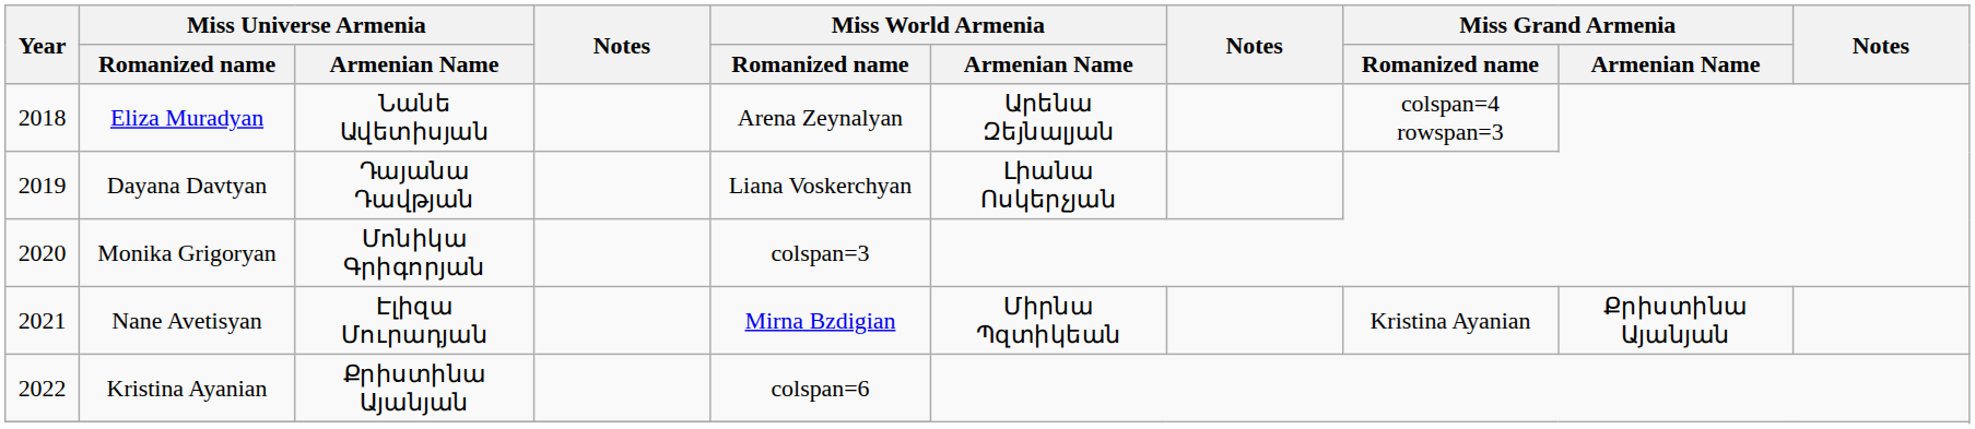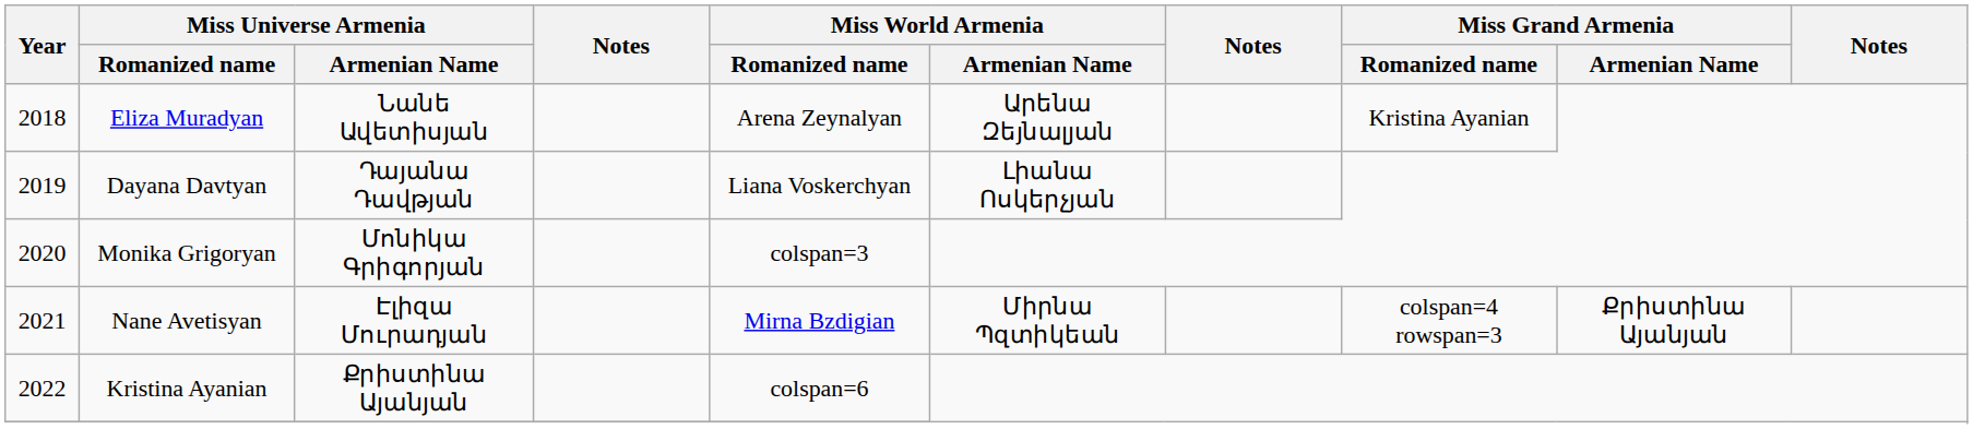 <table class="wikitable" style="font-size: 95%; text-align:center">
 <tr>
 <th width="60" rowspan="2">Year</th>
 <th width="500" colspan="2">Miss Universe Armenia</th>
 <th width="250" rowspan="2">Notes</th>
 <th width="500" colspan="2">Miss World Armenia</th>
 <th width="250" rowspan="2">Notes</th>
 <th width="500" colspan="2">Miss Grand Armenia</th>
 <th width="250" rowspan="2">Notes</th>
 </tr>
 <tr>
 <th width="250">Romanized name</th>
 <th width="250">Armenian Name</th>
 <th width="250">Romanized name</th>
 <th width="250">Armenian Name</th>
 <th width="250">Romanized name</th>
 <th width="250">Armenian Name</th>
 </tr>
 <tr>
 <td>2018</td>
 <td><a href='#'>Eliza Muradyan</a></td>
 <td>Նանե Ավետիսյան</td>
 <td></td>
 <td>Arena Zeynalyan</td>
 <td>Արենա Զեյնալյան</td>
 <td></td>
-<td>colspan=4 rowspan=3 </td>
+<td>Kristina Ayanian</td>
 </tr>
 <tr>
 <td>2019</td>
 <td>Dayana Davtyan</td>
 <td>Դայանա Դավթյան</td>
 <td></td>
 <td>Liana Voskerchyan</td>
 <td>Լիանա Ոսկերչյան</td>
 <td></td>
 </tr>
 <tr>
 <td>2020</td>
 <td>Monika Grigoryan</td>
 <td>Մոնիկա Գրիգորյան</td>
 <td></td>
 <td>colspan=3 </td>
 </tr>
 <tr>
 <td>2021</td>
 <td>Nane Avetisyan</td>
 <td>Էլիզա Մուրադյան</td>
 <td></td>
 <td><a href='#'>Mirna Bzdigian</a></td>
 <td>Միրնա Պզտիկեան</td>
 <td></td>
-<td>Kristina Ayanian</td>
+<td>colspan=4 rowspan=3 </td>
 <td>Քրիստինա Այանյան</td>
 <td></td>
 </tr>
 <tr>
 <td>2022</td>
 <td>Kristina Ayanian</td>
 <td>Քրիստինա Այանյան</td>
 <td></td>
 <td>colspan=6 </td>
 </tr>
 <tr>
 </tr>
 </table>
